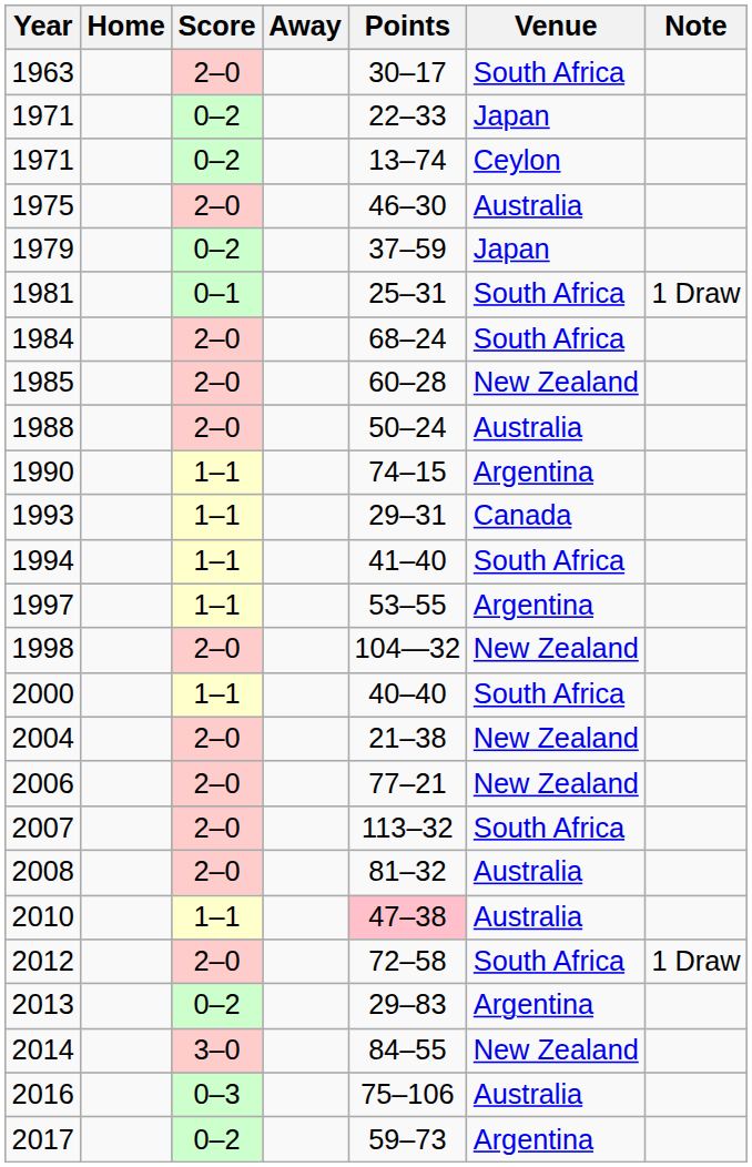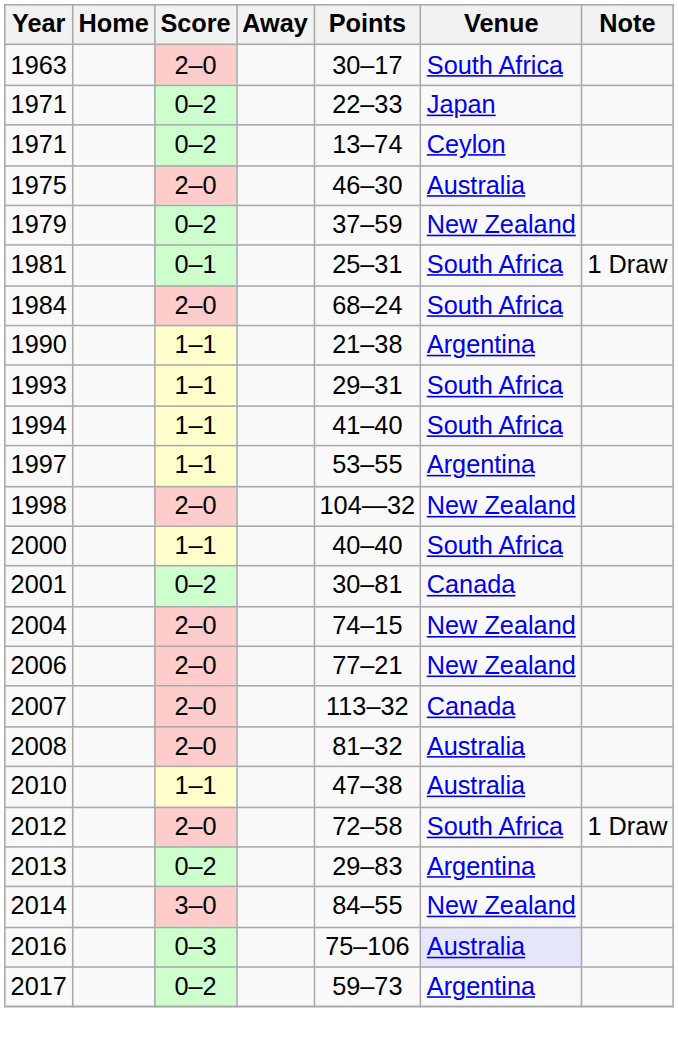 <table class="wikitable">
 <tr>
 <th>Year</th>
 <th>Home</th>
 <th>Score</th>
 <th>Away</th>
 <th>Points</th>
 <th>Venue</th>
 <th>Note</th>
 </tr>
 <tr>
 <td>1963</td>
 <td align=right></td>
 <td style="text-align:center; background:#fcc;">2–0</td>
 <td align=left></td>
 <td align=center>30–17</td>
 <td><a href='#'>South Africa</a></td>
 <td></td>
 </tr>
 <tr>
 <td>1971</td>
 <td align=right></td>
 <td style="text-align:center; background:#cfc;">0–2</td>
 <td align=left></td>
 <td align=center>22–33</td>
 <td><a href='#'>Japan</a></td>
 <td></td>
 </tr>
 <tr>
 <td>1971</td>
 <td align=right></td>
 <td style="text-align:center; background:#cfc;">0–2</td>
 <td align=left></td>
 <td align=center>13–74</td>
 <td><a href='#'>Ceylon</a></td>
 <td></td>
 </tr>
 <tr>
 <td>1975</td>
 <td align=right></td>
 <td style="text-align:center; background:#fcc;">2–0</td>
 <td align=left></td>
 <td align=center>46–30</td>
 <td><a href='#'>Australia</a></td>
 <td></td>
 </tr>
 <tr>
 <td>1979</td>
 <td align=right></td>
 <td style="text-align:center; background:#cfc;">0–2</td>
 <td align=left></td>
 <td align=center>37–59</td>
-<td><a href='#'>Japan</a></td>
+<td><a href='#'>New Zealand</a></td>
 <td></td>
 </tr>
 <tr>
 <td>1981</td>
 <td align=right></td>
 <td style="text-align:center; background:#cfc;">0–1</td>
 <td align=left></td>
 <td align=center>25–31</td>
 <td><a href='#'>South Africa</a></td>
 <td>1 Draw</td>
 </tr>
 <tr>
 <td>1984</td>
 <td align=right></td>
 <td style="text-align:center; background:#fcc;">2–0</td>
 <td align=left></td>
 <td align=center>68–24</td>
 <td><a href='#'>South Africa</a></td>
 <td></td>
 </tr>
 <tr>
-<td>1985</td>
-<td align=right></td>
-<td style="text-align:center; background:#fcc;">2–0</td>
-<td align=left></td>
-<td align=center>60–28</td>
-<td><a href='#'>New Zealand</a></td>
-<td></td>
-</tr>
-<tr>
-<td>1988</td>
-<td align=right></td>
-<td style="text-align:center; background:#fcc;">2–0</td>
-<td align=left></td>
-<td align=center>50–24</td>
-<td><a href='#'>Australia</a></td>
-<td></td>
-</tr>
-<tr>
 <td>1990</td>
 <td align=right></td>
 <td style="text-align:center; background:#ffc;">1–1</td>
 <td align=left></td>
-<td align=center>74–15</td>
+<td align=center>21–38</td>
 <td><a href='#'>Argentina</a></td>
 <td></td>
 </tr>
 <tr>
 <td>1993</td>
 <td align=right></td>
 <td style="text-align:center; background:#ffc;">1–1</td>
 <td align=left></td>
 <td align=center>29–31</td>
-<td><a href='#'>Canada</a></td>
+<td><a href='#'>South Africa</a></td>
 <td></td>
 </tr>
 <tr>
 <td>1994</td>
 <td align=right></td>
 <td style="text-align:center; background:#ffc;">1–1</td>
 <td align=left></td>
 <td align=center>41–40</td>
 <td><a href='#'>South Africa</a></td>
 <td></td>
 </tr>
 <tr>
 <td>1997</td>
 <td align=right></td>
 <td style="text-align:center; background:#ffc;">1–1</td>
 <td align=left></td>
 <td align=center>53–55</td>
 <td><a href='#'>Argentina</a></td>
 <td></td>
 </tr>
 <tr>
 <td>1998</td>
 <td align=right></td>
 <td style="text-align:center; background:#fcc;">2–0</td>
 <td align=left></td>
 <td align=center>104—32</td>
 <td><a href='#'>New Zealand</a></td>
 <td></td>
 </tr>
 <tr>
 <td>2000</td>
 <td align=right></td>
 <td style="text-align:center; background:#ffc;">1–1</td>
 <td align=left></td>
 <td align=center>40–40</td>
 <td><a href='#'>South Africa</a></td>
 <td></td>
 </tr>
 <tr>
+<td>2001</td>
+<td align=right></td>
+<td style="text-align:center; background:#cfc;">0–2</td>
+<td align=left></td>
+<td align=center>30–81</td>
+<td><a href='#'>Canada</a></td>
+<td></td>
+</tr>
+<tr>
 <td>2004</td>
 <td align=right></td>
 <td style="text-align:center; background:#fcc;">2–0</td>
 <td align=left></td>
-<td align=center>21–38</td>
+<td align=center>74–15</td>
 <td><a href='#'>New Zealand</a></td>
 <td></td>
 </tr>
 <tr>
 <td>2006</td>
 <td align=right></td>
 <td style="text-align:center; background:#fcc;">2–0</td>
 <td align=left></td>
 <td align=center>77–21</td>
 <td><a href='#'>New Zealand</a></td>
 <td></td>
 </tr>
 <tr>
 <td>2007</td>
 <td align=right></td>
 <td style="text-align:center; background:#fcc;">2–0</td>
 <td align=left></td>
 <td align=center>113–32</td>
-<td><a href='#'>South Africa</a></td>
+<td><a href='#'>Canada</a></td>
 <td></td>
 </tr>
 <tr>
 <td>2008</td>
 <td align=right></td>
 <td style="text-align:center; background:#fcc;">2–0</td>
 <td align=left></td>
 <td align=center>81–32</td>
 <td><a href='#'>Australia</a></td>
 <td></td>
 </tr>
 <tr>
 <td>2010</td>
 <td align=right></td>
 <td style="text-align:center; background:#ffc;">1–1</td>
 <td align=left></td>
-<td align=center style="background: pink;">47–38</td>
+<td align=center>47–38</td>
 <td><a href='#'>Australia</a></td>
 <td></td>
 </tr>
 <tr>
 <td>2012</td>
 <td align=right></td>
 <td style="text-align:center; background:#fcc;">2–0</td>
 <td align=left></td>
 <td align=center>72–58</td>
 <td><a href='#'>South Africa</a></td>
 <td>1 Draw</td>
 </tr>
 <tr>
 <td>2013</td>
 <td align=right></td>
 <td style="text-align:center; background:#cfc;">0–2</td>
 <td align=left></td>
 <td align=center>29–83</td>
 <td><a href='#'>Argentina</a></td>
 <td></td>
 </tr>
 <tr>
 <td>2014</td>
 <td align=right></td>
 <td style="text-align:center; background:#fcc;">3–0</td>
 <td align=left></td>
 <td align=center>84–55</td>
 <td><a href='#'>New Zealand</a></td>
 <td></td>
 </tr>
 <tr>
 <td>2016</td>
 <td align=right></td>
 <td style="text-align:center; background:#cfc;">0–3</td>
 <td align=left></td>
 <td align=center>75–106</td>
-<td><a href='#'>Australia</a></td>
+<td style="background: lavender;"><a href='#'>Australia</a></td>
 <td></td>
 </tr>
 <tr>
 <td>2017</td>
 <td align=right></td>
 <td style="text-align:center; background:#cfc;">0–2</td>
 <td align=left></td>
 <td align=center>59–73</td>
 <td><a href='#'>Argentina</a></td>
 <td></td>
 </tr>
 <tr>
 </tr>
 </table>
